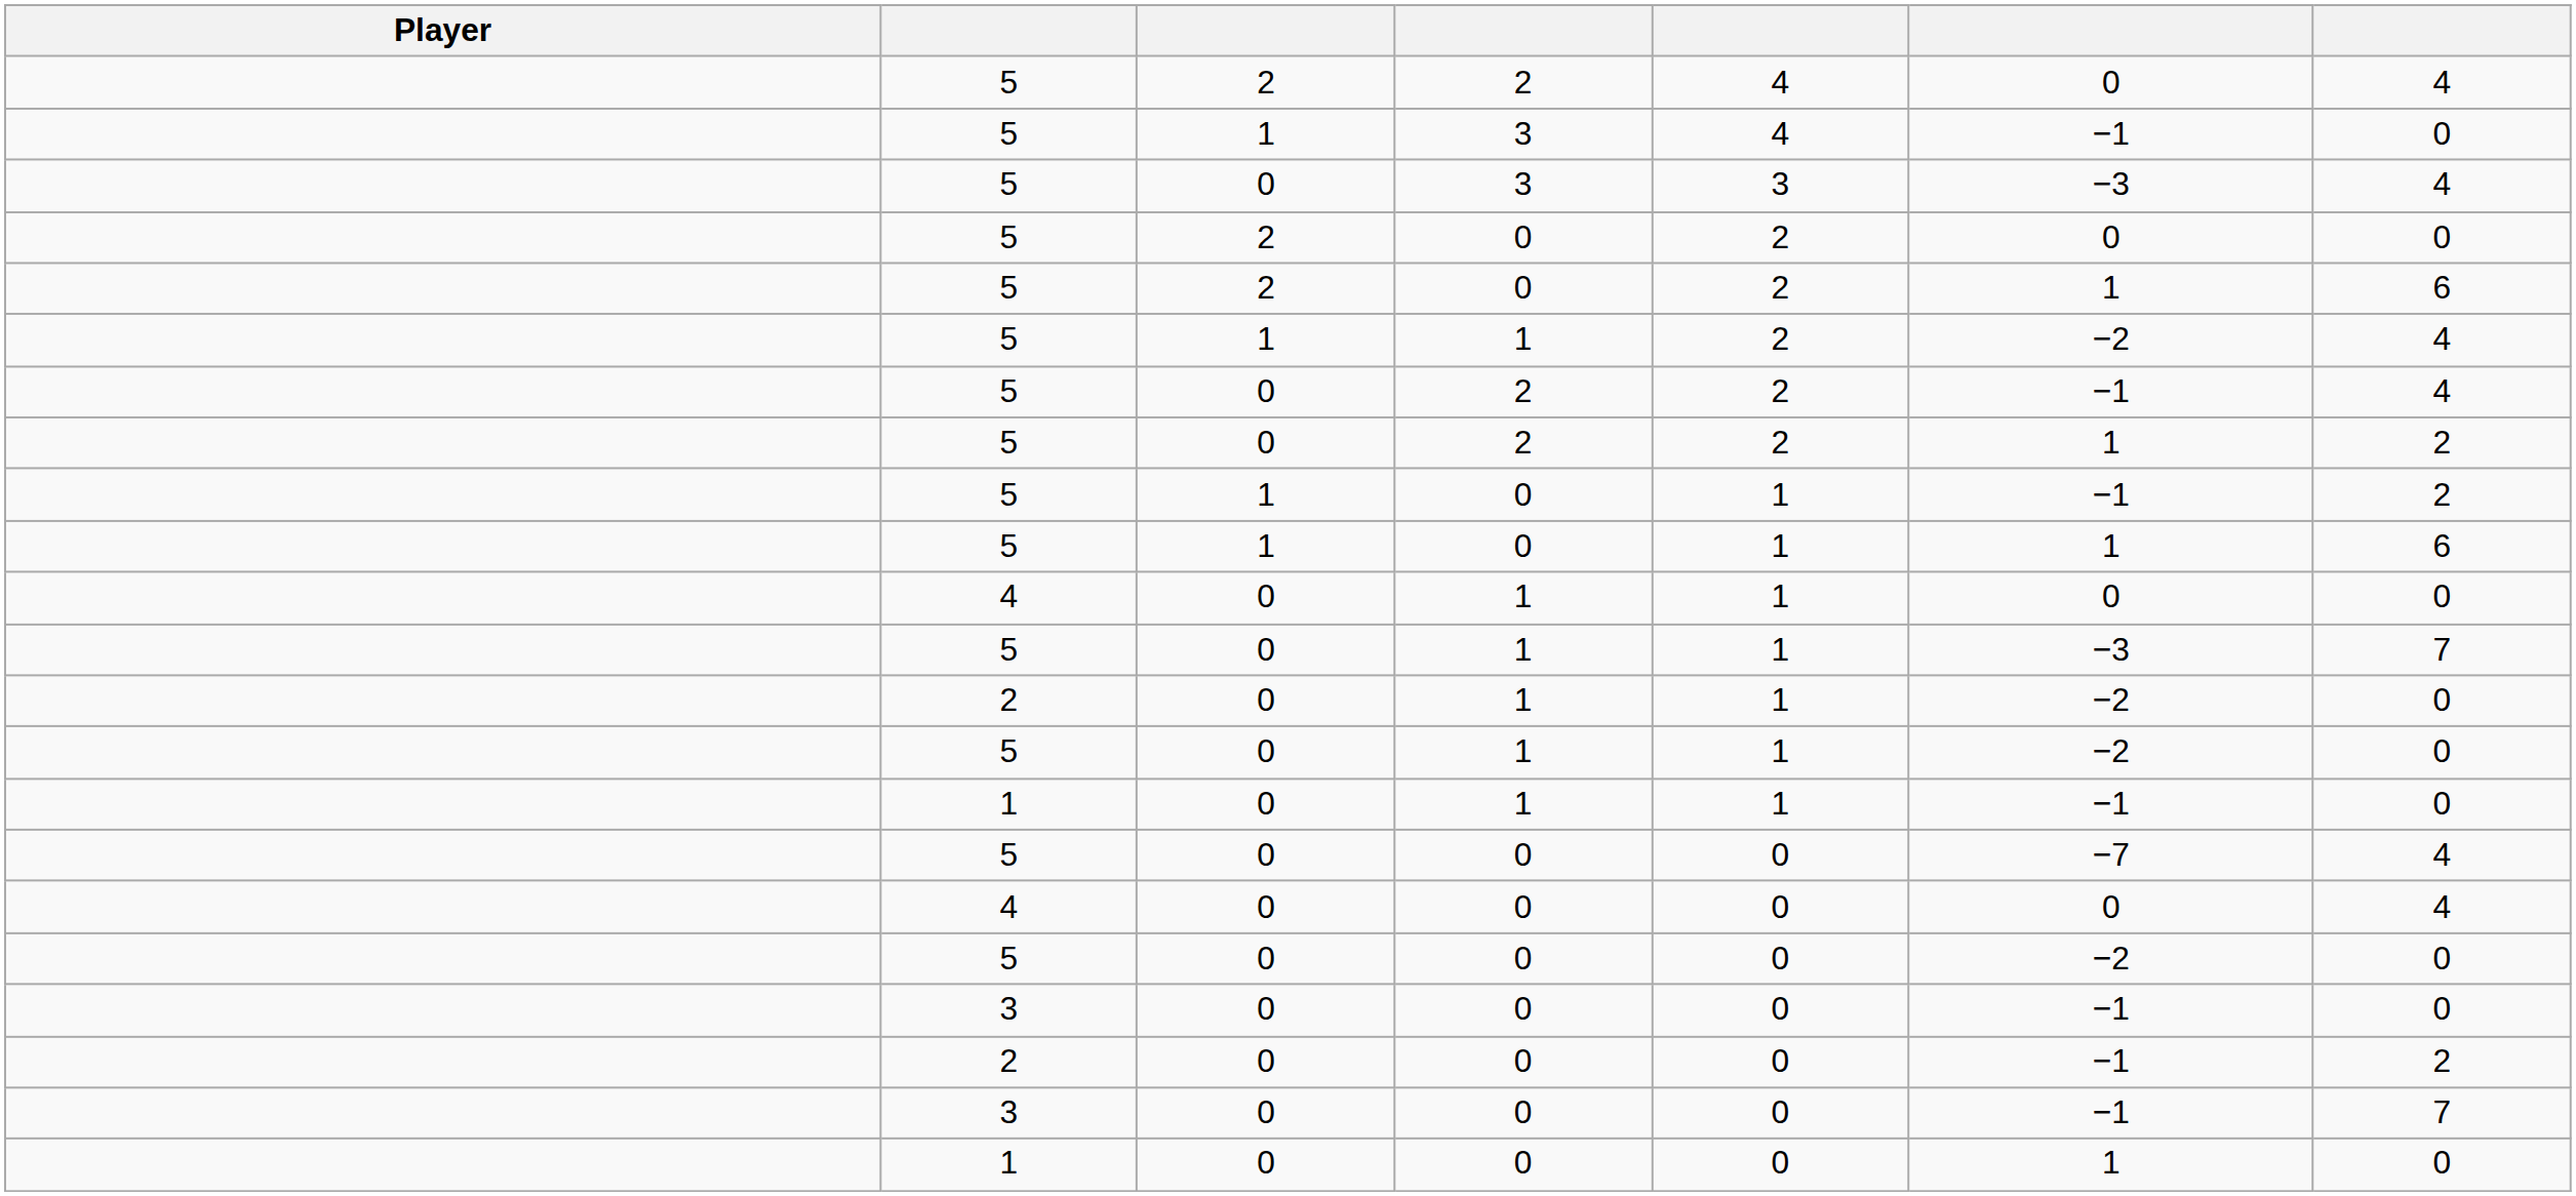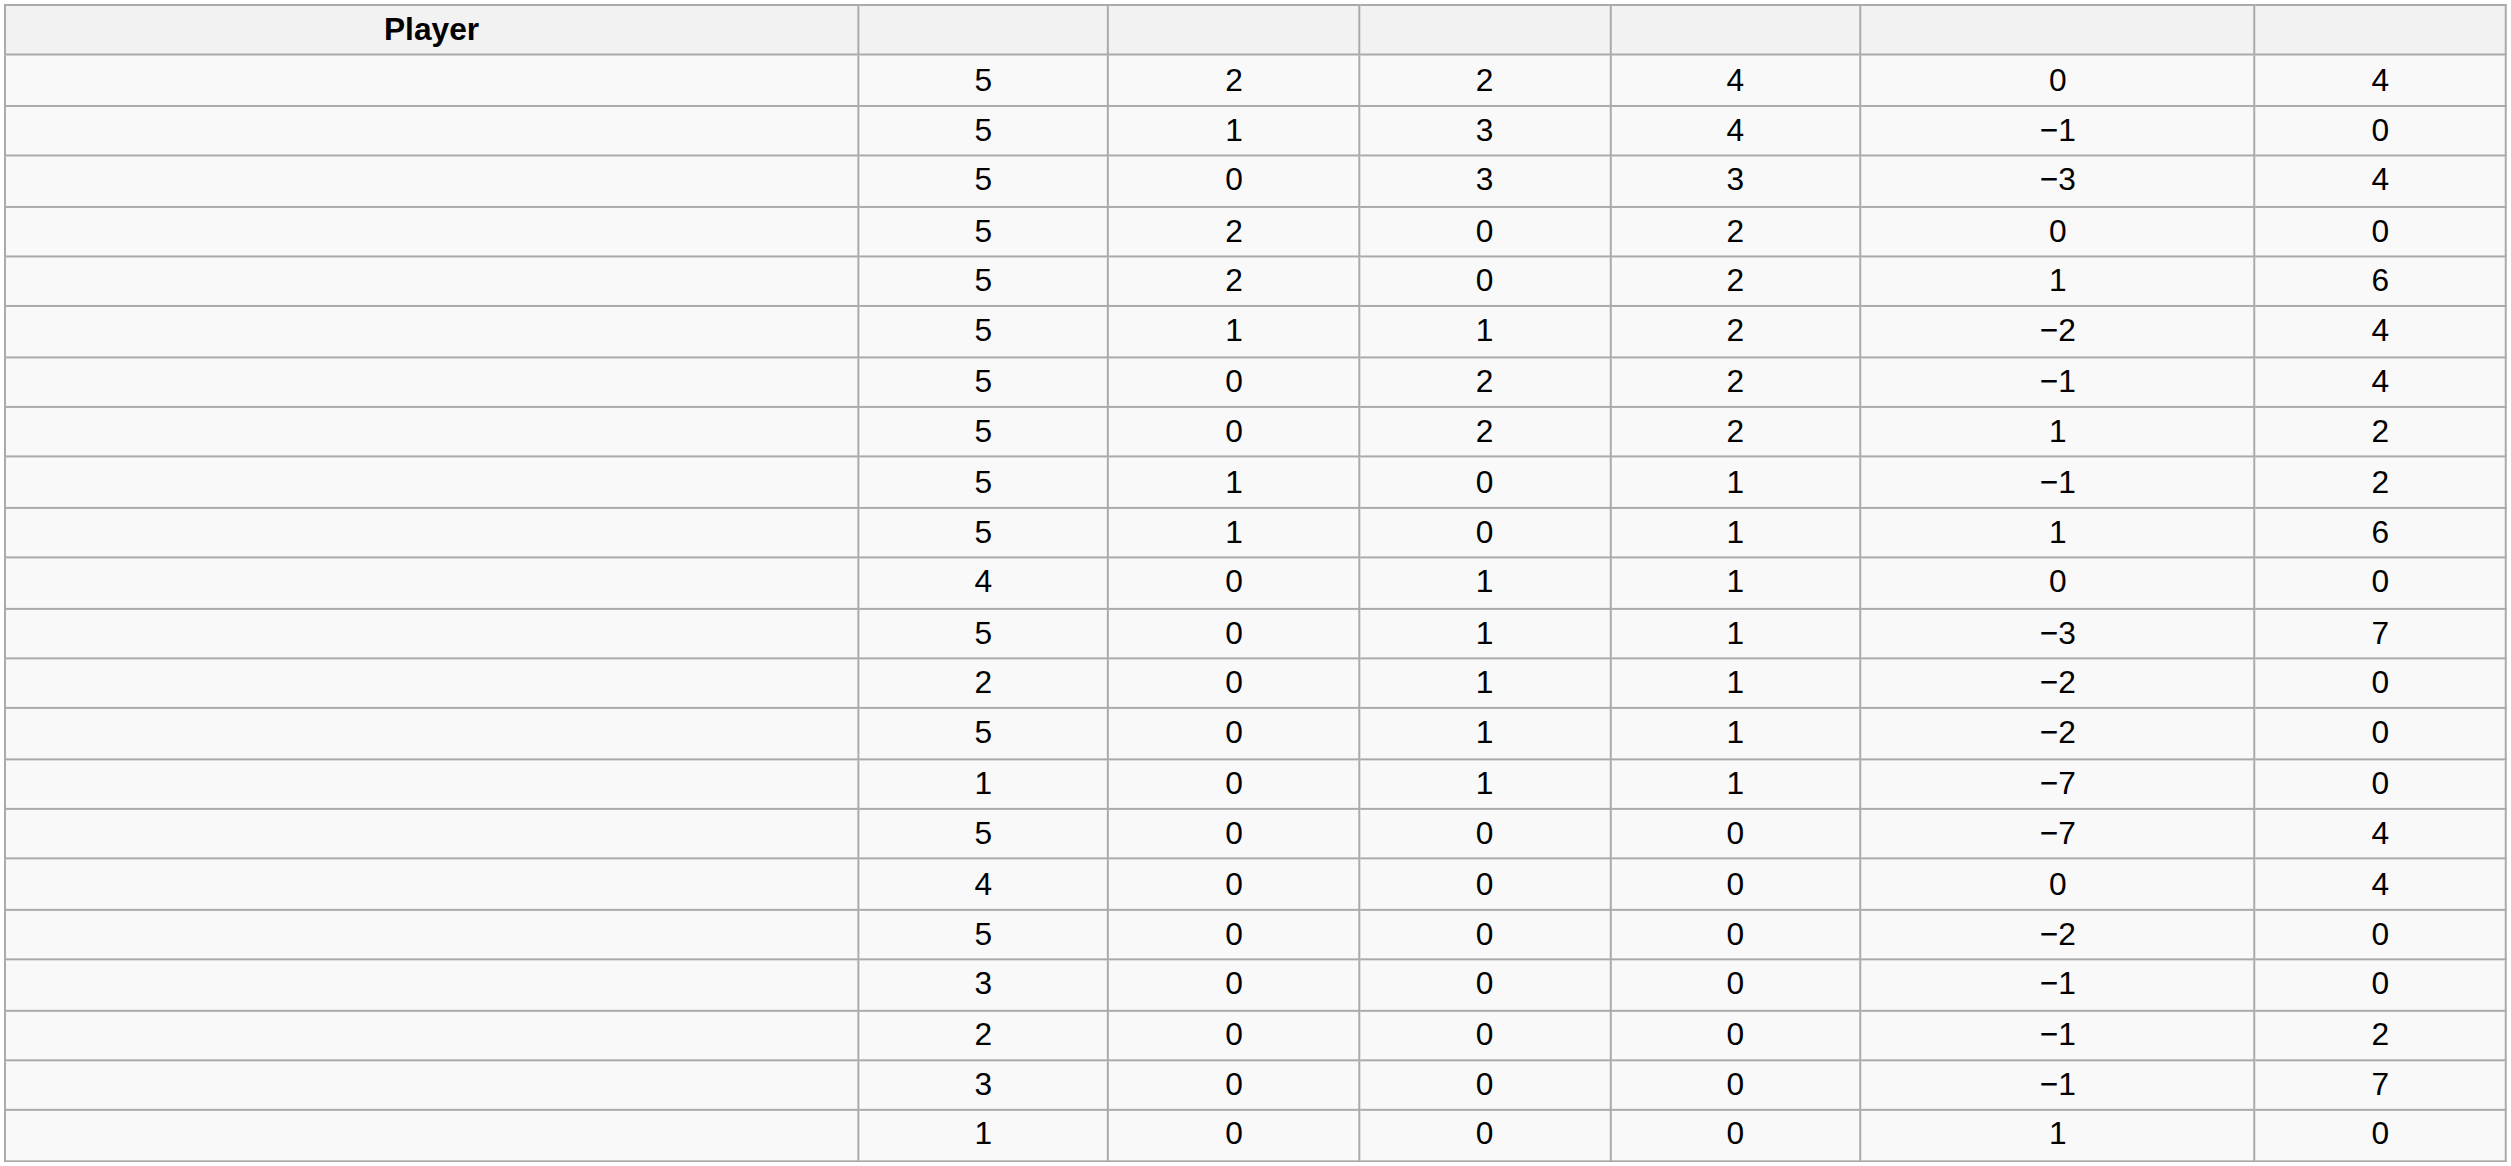 <table class="wikitable sortable" style="width:100%; text-align:center;">
 <tr align=center>
 <th>Player</th>
 <th></th>
 <th></th>
 <th></th>
 <th></th>
 <th data-sort-type="number"></th>
 <th></th>
 </tr>
 <tr>
 <td></td>
 <td>5</td>
 <td>2</td>
 <td>2</td>
 <td>4</td>
 <td>0</td>
 <td>4</td>
 </tr>
 <tr>
 <td></td>
 <td>5</td>
 <td>1</td>
 <td>3</td>
 <td>4</td>
 <td>−1</td>
 <td>0</td>
 </tr>
 <tr>
 <td></td>
 <td>5</td>
 <td>0</td>
 <td>3</td>
 <td>3</td>
 <td>−3</td>
 <td>4</td>
 </tr>
 <tr>
 <td></td>
 <td>5</td>
 <td>2</td>
 <td>0</td>
 <td>2</td>
 <td>0</td>
 <td>0</td>
 </tr>
 <tr>
 <td></td>
 <td>5</td>
 <td>2</td>
 <td>0</td>
 <td>2</td>
 <td>1</td>
 <td>6</td>
 </tr>
 <tr>
 <td></td>
 <td>5</td>
 <td>1</td>
 <td>1</td>
 <td>2</td>
 <td>−2</td>
 <td>4</td>
 </tr>
 <tr>
 <td></td>
 <td>5</td>
 <td>0</td>
 <td>2</td>
 <td>2</td>
 <td>−1</td>
 <td>4</td>
 </tr>
 <tr>
 <td></td>
 <td>5</td>
 <td>0</td>
 <td>2</td>
 <td>2</td>
 <td>1</td>
 <td>2</td>
 </tr>
 <tr>
 <td></td>
 <td>5</td>
 <td>1</td>
 <td>0</td>
 <td>1</td>
 <td>−1</td>
 <td>2</td>
 </tr>
 <tr>
 <td></td>
 <td>5</td>
 <td>1</td>
 <td>0</td>
 <td>1</td>
 <td>1</td>
 <td>6</td>
 </tr>
 <tr>
 <td></td>
 <td>4</td>
 <td>0</td>
 <td>1</td>
 <td>1</td>
 <td>0</td>
 <td>0</td>
 </tr>
 <tr>
 <td></td>
 <td>5</td>
 <td>0</td>
 <td>1</td>
 <td>1</td>
 <td>−3</td>
 <td>7</td>
 </tr>
 <tr>
 <td></td>
 <td>2</td>
 <td>0</td>
 <td>1</td>
 <td>1</td>
 <td>−2</td>
 <td>0</td>
 </tr>
 <tr>
 <td></td>
 <td>5</td>
 <td>0</td>
 <td>1</td>
 <td>1</td>
 <td>−2</td>
 <td>0</td>
 </tr>
 <tr>
 <td></td>
 <td>1</td>
 <td>0</td>
 <td>1</td>
 <td>1</td>
-<td>−1</td>
+<td>−7</td>
 <td>0</td>
 </tr>
 <tr>
 <td></td>
 <td>5</td>
 <td>0</td>
 <td>0</td>
 <td>0</td>
 <td>−7</td>
 <td>4</td>
 </tr>
 <tr>
 <td></td>
 <td>4</td>
 <td>0</td>
 <td>0</td>
 <td>0</td>
 <td>0</td>
 <td>4</td>
 </tr>
 <tr>
 <td></td>
 <td>5</td>
 <td>0</td>
 <td>0</td>
 <td>0</td>
 <td>−2</td>
 <td>0</td>
 </tr>
 <tr>
 <td></td>
 <td>3</td>
 <td>0</td>
 <td>0</td>
 <td>0</td>
 <td>−1</td>
 <td>0</td>
 </tr>
 <tr>
 <td></td>
 <td>2</td>
 <td>0</td>
 <td>0</td>
 <td>0</td>
 <td>−1</td>
 <td>2</td>
 </tr>
 <tr>
 <td></td>
 <td>3</td>
 <td>0</td>
 <td>0</td>
 <td>0</td>
 <td>−1</td>
 <td>7</td>
 </tr>
 <tr>
 <td></td>
 <td>1</td>
 <td>0</td>
 <td>0</td>
 <td>0</td>
 <td>1</td>
 <td>0</td>
 </tr>
 </table>
